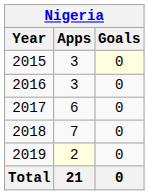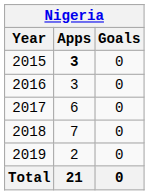 <table class="wikitable" style="text-align:center">
 <tr>
 <th colspan=3><a href='#'>Nigeria</a></th>
 </tr>
 <tr>
 <th>Year</th>
 <th>Apps</th>
 <th>Goals</th>
 </tr>
 <tr>
 <td>2015</td>
-<td>3</td>
-<td style="background: lightyellow;">0</td>
+<td><strong>3</strong></td>
+<td>0</td>
 </tr>
 <tr>
 <td>2016</td>
 <td>3</td>
 <td>0</td>
 </tr>
 <tr>
 <td>2017</td>
 <td>6</td>
 <td>0</td>
 </tr>
 <tr>
 <td>2018</td>
 <td>7</td>
 <td>0</td>
 </tr>
 <tr>
 <td>2019</td>
-<td style="background: lightyellow;">2</td>
+<td>2</td>
 <td>0</td>
 </tr>
 <tr>
 <th>Total</th>
 <th>21</th>
 <th>0</th>
 </tr>
 </table>
